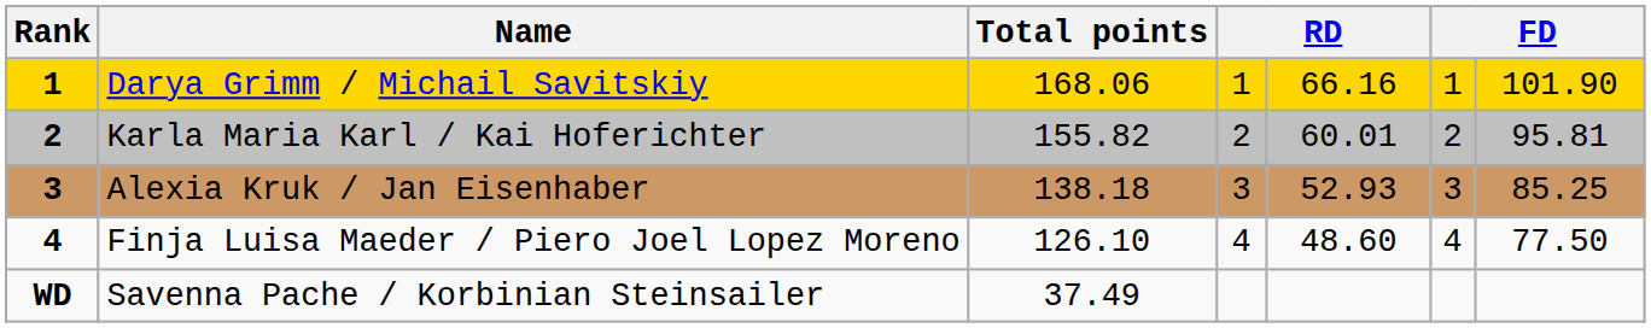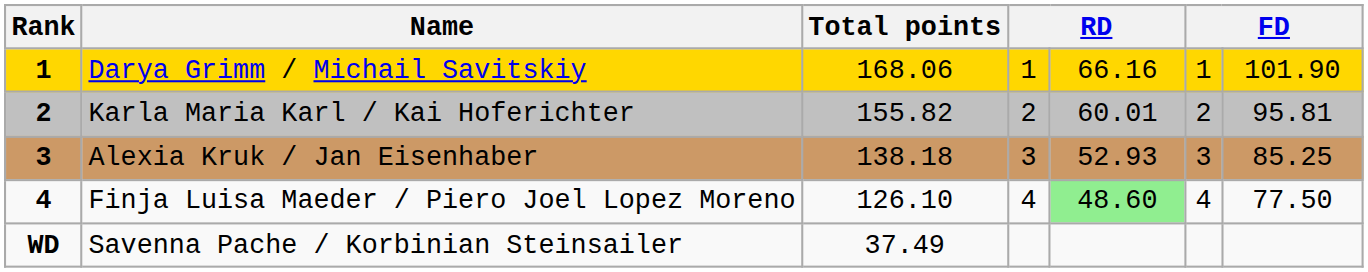 <table class="wikitable sortable">
 <tr>
 <th>Rank</th>
 <th>Name</th>
 <th>Total points</th>
 <th colspan="2" width="80px"><a href='#'>RD</a></th>
 <th colspan="2" width="80px"><a href='#'>FD</a></th>
 </tr>
 <tr bgcolor="gold">
 <td align="center"><strong>1</strong></td>
 <td><a href='#'>Darya Grimm</a> / <a href='#'>Michail Savitskiy</a></td>
 <td align="center">168.06</td>
 <td align="center">1</td>
 <td align="center">66.16</td>
 <td align="center">1</td>
 <td align="center">101.90</td>
 </tr>
 <tr bgcolor="silver">
 <td align="center"><strong>2</strong></td>
 <td>Karla Maria Karl / Kai Hoferichter</td>
 <td align="center">155.82</td>
 <td align="center">2</td>
 <td align="center">60.01</td>
 <td align="center">2</td>
 <td align="center">95.81</td>
 </tr>
 <tr bgcolor="cc9966">
 <td align="center"><strong>3</strong></td>
 <td>Alexia Kruk / Jan Eisenhaber</td>
 <td align="center">138.18</td>
 <td align="center">3</td>
 <td align="center">52.93</td>
 <td align="center">3</td>
 <td align="center">85.25</td>
 </tr>
 <tr>
 <td align="center"><strong>4</strong></td>
 <td>Finja Luisa Maeder / Piero Joel Lopez Moreno</td>
 <td align="center">126.10</td>
 <td align="center">4</td>
-<td align="center">48.60</td>
+<td align="center" style="background: lightgreen;">48.60</td>
 <td align="center">4</td>
 <td align="center">77.50</td>
 </tr>
 <tr>
 <td align="center"><strong>WD</strong></td>
 <td>Savenna Pache / Korbinian Steinsailer</td>
 <td align="center">37.49</td>
 <td></td>
 <td></td>
 <td></td>
 <td></td>
 </tr>
 </table>
